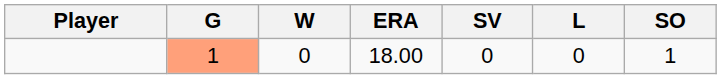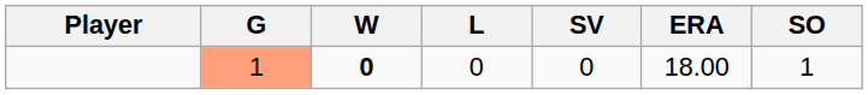 <table class="wikitable sortable">
 <tr>
 <th bgcolor="#DDDDFF" width="16%">Player</th>
 <th bgcolor="#DDDDFF" width="9%">G</th>
 <th bgcolor="#DDDDFF" width="9%">W</th>
+<th bgcolor="#DDDDFF" width="9%">L</th>
+<th bgcolor="#DDDDFF" width="9%">SV</th>
 <th bgcolor="#DDDDFF" width="9%">ERA</th>
-<th bgcolor="#DDDDFF" width="9%">SV</th>
-<th bgcolor="#DDDDFF" width="9%">L</th>
 <th bgcolor="#DDDDFF" width="9%">SO</th>
 </tr>
 <tr align="center">
 <td></td>
 <td style="background: lightsalmon;">1</td>
+<td><strong>0</strong></td>
+<td>0</td>
 <td>0</td>
 <td>18.00</td>
-<td>0</td>
-<td>0</td>
 <td>1</td>
 </tr>
 </table>
